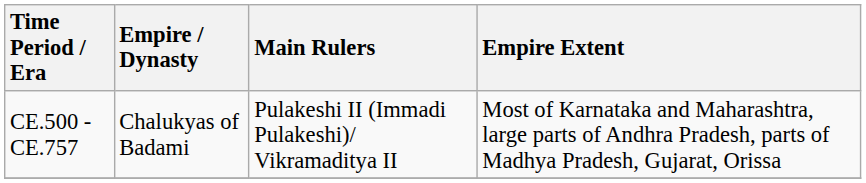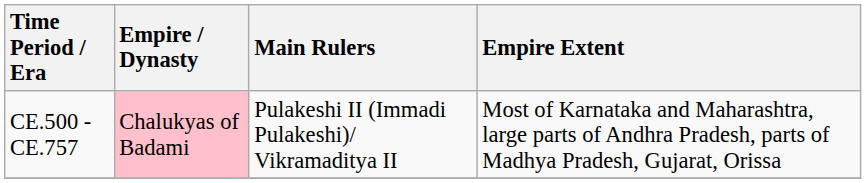 <table class="wikitable">
 <tr>
 <th style="text-align: left;">Time Period / Era</th>
 <th style="text-align: left;">Empire / Dynasty</th>
 <th style="text-align: left;">Main Rulers</th>
 <th style="text-align: left;">Empire Extent</th>
 </tr>
 <tr>
 <td>CE.500 - CE.757</td>
-<td>Chalukyas of Badami</td>
+<td style="background: pink;">Chalukyas of Badami</td>
 <td>Pulakeshi II (Immadi Pulakeshi)/ Vikramaditya II</td>
 <td>Most of Karnataka and Maharashtra, large parts of Andhra Pradesh, parts of Madhya Pradesh, Gujarat, Orissa</td>
 </tr>
 <tr>
 </tr>
 </table>
